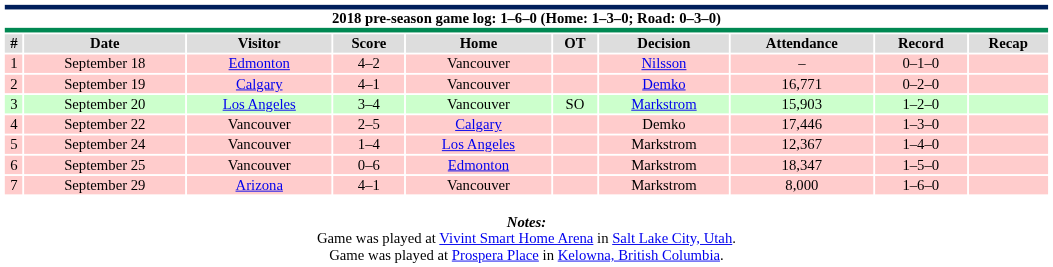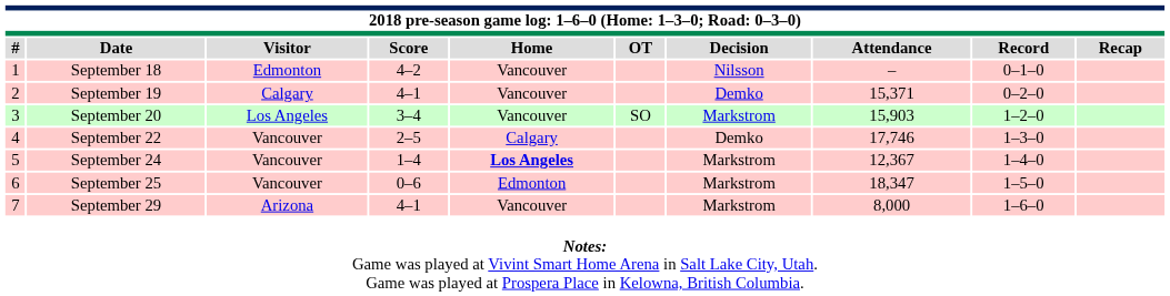 <table class="toccolours collapsible collapsed" style="width:90%; clear:both; margin:1.5em auto; text-align:center;">
 <tr>
 <th colspan="10" style="background:#FFFFFF; border-top:#001F5B 5px solid; border-bottom:#008852 5px solid;">2018 pre-season game log: 1–6–0 (Home: 1–3–0; Road: 0–3–0)</th>
 </tr>
 <tr style="background:#ddd;">
 <th>#</th>
 <th>Date</th>
 <th>Visitor</th>
 <th>Score</th>
 <th>Home</th>
 <th>OT</th>
 <th>Decision</th>
 <th>Attendance</th>
 <th>Record</th>
 <th>Recap</th>
 </tr>
 <tr style="background:#fcc;">
 <td>1</td>
 <td>September 18</td>
 <td><a href='#'>Edmonton</a></td>
 <td>4–2</td>
 <td>Vancouver</td>
 <td></td>
 <td><a href='#'>Nilsson</a></td>
 <td>–</td>
 <td>0–1–0</td>
 <td></td>
 </tr>
 <tr style="background:#fcc;">
 <td>2</td>
 <td>September 19</td>
 <td><a href='#'>Calgary</a></td>
 <td>4–1</td>
 <td>Vancouver</td>
 <td></td>
 <td><a href='#'>Demko</a></td>
-<td>16,771</td>
+<td>15,371</td>
 <td>0–2–0</td>
 <td></td>
 </tr>
 <tr style="background:#cfc;">
 <td>3</td>
 <td>September 20</td>
 <td><a href='#'>Los Angeles</a></td>
 <td>3–4</td>
 <td>Vancouver</td>
 <td>SO</td>
 <td><a href='#'>Markstrom</a></td>
 <td>15,903</td>
 <td>1–2–0</td>
 <td></td>
 </tr>
 <tr style="background:#fcc;">
 <td>4</td>
 <td>September 22</td>
 <td>Vancouver</td>
 <td>2–5</td>
 <td><a href='#'>Calgary</a></td>
 <td></td>
 <td>Demko</td>
-<td>17,446</td>
+<td>17,746</td>
 <td>1–3–0</td>
 <td></td>
 </tr>
 <tr style="background:#fcc;">
 <td>5</td>
 <td>September 24</td>
 <td>Vancouver</td>
 <td>1–4</td>
-<td><a href='#'>Los Angeles</a></td>
+<td><strong><a href='#'>Los Angeles</a></strong></td>
 <td></td>
 <td>Markstrom</td>
 <td>12,367</td>
 <td>1–4–0</td>
 <td></td>
 </tr>
 <tr style="background:#fcc;">
 <td>6</td>
 <td>September 25</td>
 <td>Vancouver</td>
 <td>0–6</td>
 <td><a href='#'>Edmonton</a></td>
 <td></td>
 <td>Markstrom</td>
 <td>18,347</td>
 <td>1–5–0</td>
 <td></td>
 </tr>
 <tr style="background:#fcc;">
 <td>7</td>
 <td>September 29</td>
 <td><a href='#'>Arizona</a></td>
 <td>4–1</td>
 <td>Vancouver</td>
 <td></td>
 <td>Markstrom</td>
 <td>8,000</td>
 <td>1–6–0</td>
 <td></td>
 </tr>
 <tr>
 <td colspan="10" style="text-align:center;"><br><strong><em>Notes:</em></strong><br> Game was played at <a href='#'>Vivint Smart Home Arena</a> in <a href='#'>Salt Lake City, Utah</a>.<br> Game was played at <a href='#'>Prospera Place</a> in <a href='#'>Kelowna, British Columbia</a>.</td>
 </tr>
 </table>
